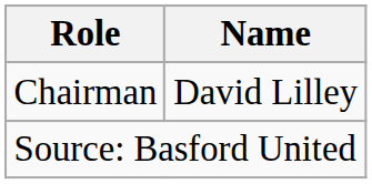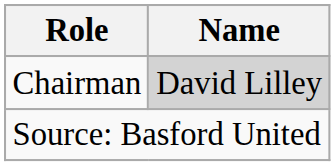 <table class=wikitable>
 <tr>
 <th>Role</th>
 <th>Name</th>
 </tr>
 <tr>
 <td>Chairman</td>
-<td>David Lilley</td>
+<td style="background: lightgrey;">David Lilley</td>
 </tr>
 <tr>
 <td colspan=2>Source: Basford United</td>
 </tr>
 </table>
